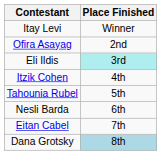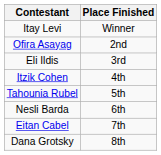 <table class="wikitable" style="text-align:center">
 <tr>
 <th>Contestant</th>
 <th>Place Finished</th>
 </tr>
 <tr>
 <td>Itay Levi</td>
 <td>Winner</td>
 </tr>
 <tr>
 <td><a href='#'>Ofira Asayag</a></td>
 <td>2nd</td>
 </tr>
 <tr>
 <td>Eli Ildis</td>
-<td style="background: paleturquoise;">3rd</td>
+<td>3rd</td>
 </tr>
 <tr>
 <td><a href='#'>Itzik Cohen</a></td>
 <td>4th</td>
 </tr>
 <tr>
 <td><a href='#'>Tahounia Rubel</a></td>
 <td>5th</td>
 </tr>
 <tr>
 <td>Nesli Barda</td>
 <td>6th</td>
 </tr>
 <tr>
 <td><a href='#'>Eitan Cabel</a></td>
 <td>7th</td>
 </tr>
 <tr>
 <td>Dana Grotsky</td>
-<td style="background: lightblue;">8th</td>
+<td>8th</td>
 </tr>
 </table>
